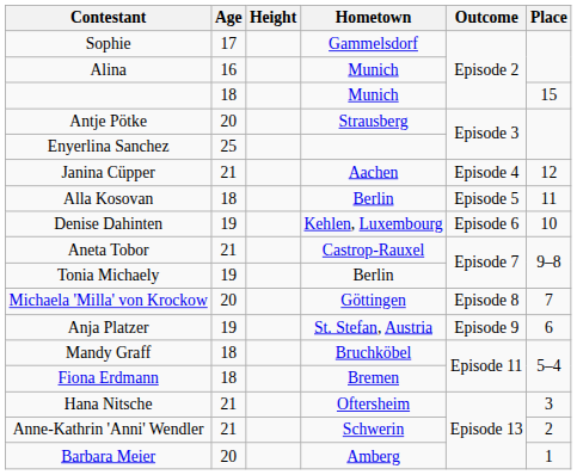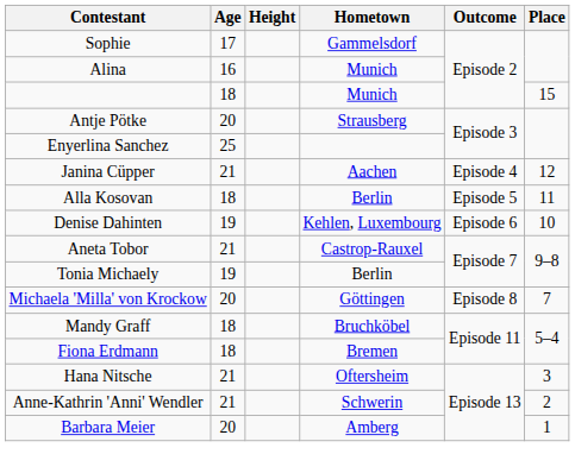 <table class="wikitable sortable" style="text-align:center;">
 <tr>
 <th>Contestant</th>
 <th>Age</th>
 <th>Height</th>
 <th>Hometown</th>
 <th>Outcome</th>
 <th>Place</th>
 </tr>
 <tr>
 <td>Sophie</td>
 <td>17</td>
 <td nowrap></td>
 <td><a href='#'>Gammelsdorf</a></td>
 <td rowspan="3">Episode 2</td>
 <td rowspan="2"></td>
 </tr>
 <tr>
 <td>Alina</td>
 <td>16</td>
 <td></td>
 <td><a href='#'>Munich</a></td>
 </tr>
 <tr>
 <td></td>
 <td>18</td>
 <td></td>
 <td><a href='#'>Munich</a></td>
 <td>15</td>
 </tr>
 <tr>
 <td>Antje Pötke</td>
 <td>20</td>
 <td></td>
 <td><a href='#'>Strausberg</a></td>
 <td rowspan="2">Episode 3</td>
 <td rowspan="2"></td>
 </tr>
 <tr>
 <td>Enyerlina Sanchez</td>
 <td>25</td>
 <td></td>
 <td></td>
 </tr>
 <tr>
 <td>Janina Cüpper</td>
 <td>21</td>
 <td></td>
 <td><a href='#'>Aachen</a></td>
 <td>Episode 4</td>
 <td>12</td>
 </tr>
 <tr>
 <td>Alla Kosovan</td>
 <td>18</td>
 <td></td>
 <td><a href='#'>Berlin</a></td>
 <td>Episode 5</td>
 <td>11</td>
 </tr>
 <tr>
 <td>Denise Dahinten</td>
 <td>19</td>
 <td></td>
 <td><a href='#'>Kehlen</a>, <a href='#'>Luxembourg</a></td>
 <td>Episode 6</td>
 <td>10</td>
 </tr>
 <tr>
 <td>Aneta Tobor</td>
 <td>21</td>
 <td></td>
 <td><a href='#'>Castrop-Rauxel</a></td>
 <td rowspan="2">Episode 7</td>
 <td rowspan="2">9–8</td>
 </tr>
 <tr>
 <td>Tonia Michaely</td>
 <td>19</td>
 <td></td>
 <td>Berlin</td>
 </tr>
 <tr>
 <td><a href='#'>Michaela 'Milla' von Krockow</a></td>
 <td>20</td>
 <td></td>
 <td><a href='#'>Göttingen</a></td>
 <td>Episode 8</td>
 <td>7</td>
 </tr>
 <tr>
-<td>Anja Platzer</td>
-<td>19</td>
-<td></td>
-<td nowrap><a href='#'>St. Stefan</a>, <a href='#'>Austria</a></td>
-<td nowrap>Episode 9</td>
-<td>6</td>
-</tr>
-<tr>
 <td>Mandy Graff</td>
 <td>18</td>
 <td></td>
 <td><a href='#'>Bruchköbel</a></td>
 <td rowspan="2">Episode 11</td>
 <td rowspan="2">5–4</td>
 </tr>
 <tr>
 <td><a href='#'>Fiona Erdmann</a></td>
 <td>18</td>
 <td></td>
 <td><a href='#'>Bremen</a></td>
 </tr>
 <tr>
 <td>Hana Nitsche</td>
 <td>21</td>
 <td></td>
 <td><a href='#'>Oftersheim</a></td>
 <td rowspan="3">Episode 13</td>
 <td>3</td>
 </tr>
 <tr>
 <td>Anne-Kathrin 'Anni' Wendler</td>
 <td>21</td>
 <td></td>
 <td><a href='#'>Schwerin</a></td>
 <td>2</td>
 </tr>
 <tr>
 <td><a href='#'>Barbara Meier</a></td>
 <td>20</td>
 <td></td>
 <td><a href='#'>Amberg</a></td>
 <td>1</td>
 </tr>
 </table>
